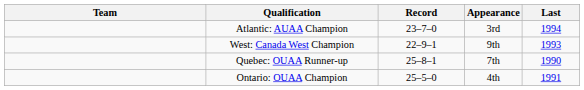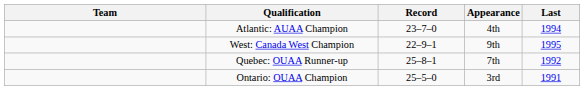 <table class="wikitable sortable" style="text-align: center;" width=900>
 <tr style="background:#efefef; text-align:center">
 <th style="text=align:left" width=35%>Team</th>
 <th style="text=align:left" width=30%>Qualification</th>
 <th style="text=align:left" width=15%>Record</th>
 <th style="text=align:left" width=10%>Appearance</th>
 <th style="text=align:left" width=10%>Last</th>
 </tr>
 <tr style="text=align:center">
 <td style="text=align:left; "><a href='#'></a></td>
 <td style="text=align:left">Atlantic: <a href='#'>AUAA</a> Champion</td>
 <td style="text=align:center">23–7–0</td>
-<td style="text=align:center">3rd</td>
+<td style="text=align:center">4th</td>
 <td style="text=align:center"><a href='#'>1994</a></td>
 </tr>
 <tr style="text=align:center">
 <td style="text=align:left; "><a href='#'></a></td>
 <td style="text=align:left">West: <a href='#'>Canada West</a> Champion</td>
 <td style="text=align:center">22–9–1</td>
 <td style="text=align:center">9th</td>
-<td style="text=align:center"><a href='#'>1993</a></td>
+<td style="text=align:center"><a href='#'>1995</a></td>
 </tr>
 <tr style="text=align:center">
 <td style="text=align:left; "><a href='#'></a></td>
 <td style="text=align:left">Quebec: <a href='#'>OUAA</a> Runner-up</td>
 <td style="text=align:center">25–8–1</td>
 <td style="text=align:center">7th</td>
-<td style="text=align:center"><a href='#'>1990</a></td>
+<td style="text=align:center"><a href='#'>1992</a></td>
 </tr>
 <tr style="text=align:center">
 <td style="text=align:left; "><a href='#'></a></td>
 <td style="text=align:left">Ontario: <a href='#'>OUAA</a> Champion</td>
 <td style="text=align:center">25–5–0</td>
-<td style="text=align:center">4th</td>
+<td style="text=align:center">3rd</td>
 <td style="text=align:center"><a href='#'>1991</a></td>
 </tr>
 </table>
